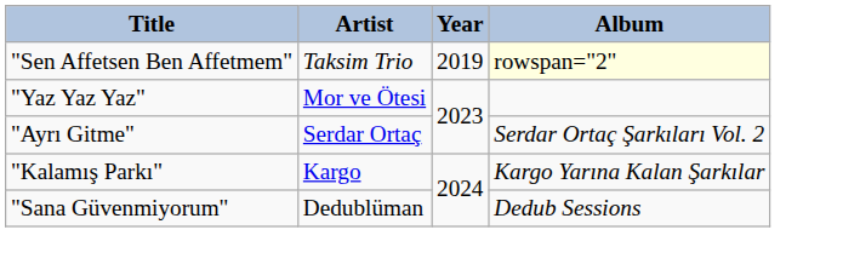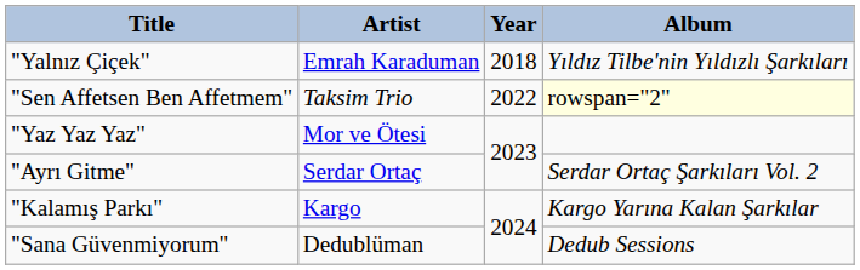 <table class="wikitable">
 <tr>
 <th style="background:LightSteelBlue">Title</th>
 <th style="background:LightSteelBlue">Artist</th>
 <th style="background:LightSteelBlue">Year</th>
 <th style="background:LightSteelBlue">Album</th>
 </tr>
 <tr>
+<td>"Yalnız Çiçek"</td>
+<td><a href='#'>Emrah Karaduman</a></td>
+<td>2018</td>
+<td><em>Yıldız Tilbe'nin Yıldızlı Şarkıları</em></td>
+</tr>
+<tr>
 <td>"Sen Affetsen Ben Affetmem"</td>
 <td><em>Taksim Trio</em></td>
-<td>2019</td>
+<td>2022</td>
 <td style="background: lightyellow;">rowspan="2" </td>
 </tr>
 <tr>
 <td>"Yaz Yaz Yaz"</td>
 <td><a href='#'>Mor ve Ötesi</a></td>
 <td rowspan=2>2023</td>
 </tr>
 <tr>
 <td>"Ayrı Gitme"</td>
 <td><a href='#'>Serdar Ortaç</a></td>
 <td><em>Serdar Ortaç Şarkıları Vol. 2</em></td>
 </tr>
 <tr>
 <td>"Kalamış Parkı"</td>
 <td><a href='#'>Kargo</a></td>
 <td rowspan=2>2024</td>
 <td><em>Kargo Yarına Kalan Şarkılar</em></td>
 </tr>
 <tr>
 <td>"Sana Güvenmiyorum"</td>
 <td>Dedublüman</td>
 <td><em>Dedub Sessions</em></td>
 </tr>
 </table>
